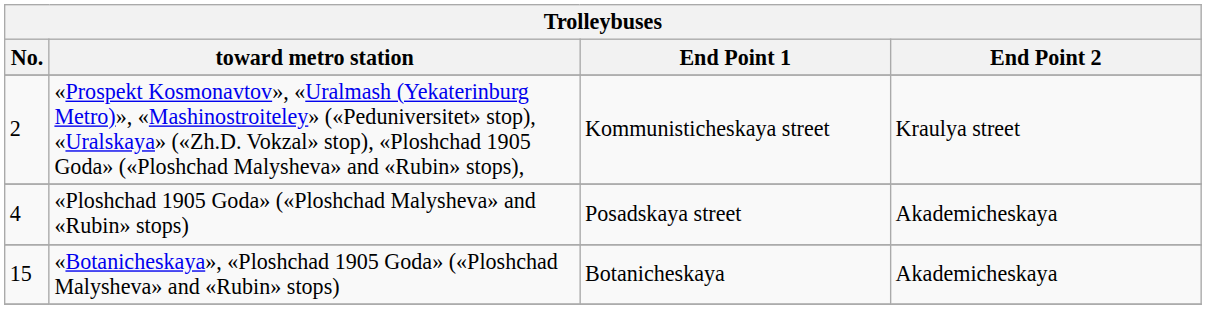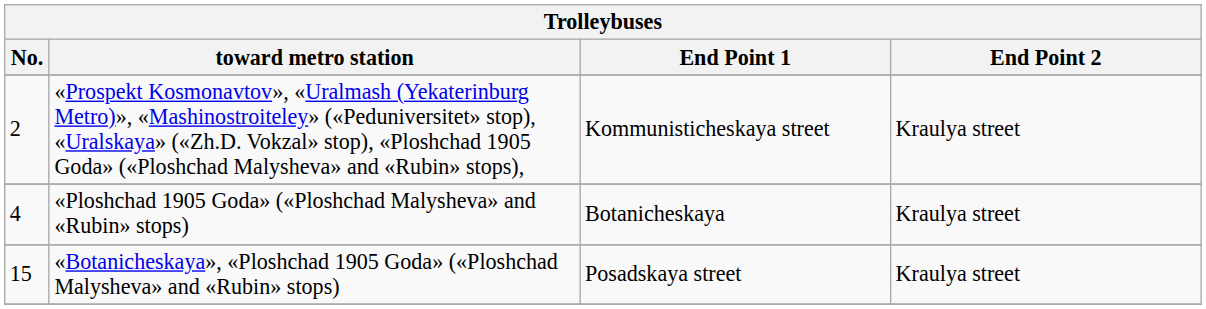 <table class="wikitable">
 <tr>
 <th colspan=4>Trolleybuses</th>
 </tr>
 <tr>
 <th width="2%">No.</th>
 <th width="41%">toward metro station</th>
 <th width="24%">End Point 1</th>
 <th width="24%">End Point 2</th>
 </tr>
 <tr>
 </tr>
 <tr ----align="center">
 <td>2</td>
 <td>«<a href='#'>Prospekt Kosmonavtov</a>», «<a href='#'>Uralmash (Yekaterinburg Metro)</a>», «<a href='#'>Mashinostroiteley</a>» («Peduniversitet» stop), «<a href='#'>Uralskaya</a>» («Zh.D. Vokzal» stop), «Ploshchad 1905 Goda» («Ploshchad Malysheva» and «Rubin» stops),</td>
 <td>Kommunisticheskaya street</td>
 <td>Kraulya street</td>
 </tr>
 <tr>
 </tr>
 <tr ----align="center">
 <td>4</td>
 <td>«Ploshchad 1905 Goda» («Ploshchad Malysheva» and «Rubin» stops)</td>
-<td>Posadskaya street</td>
-<td>Akademicheskaya</td>
+<td>Botanicheskaya</td>
+<td>Kraulya street</td>
 </tr>
 <tr>
 </tr>
 <tr ----align="center">
 <td>15</td>
 <td>«<a href='#'>Botanicheskaya</a>», «Ploshchad 1905 Goda» («Ploshchad Malysheva» and «Rubin» stops)</td>
-<td>Botanicheskaya</td>
-<td>Akademicheskaya</td>
+<td>Posadskaya street</td>
+<td>Kraulya street</td>
 </tr>
 <tr>
 </tr>
 </table>
